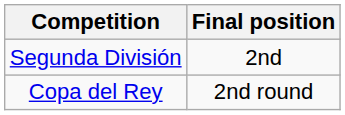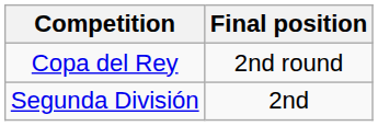 <table class="wikitable" style="font-size:100%; text-align:center">
 <tr>
 <th>Competition</th>
 <th>Final position</th>
 </tr>
 <tr style="background:">
+<td><a href='#'>Copa del Rey</a></td>
+<td>2nd round</td>
+</tr>
+<tr style="background:">
 <td><a href='#'>Segunda División</a></td>
 <td>2nd</td>
 </tr>
-<tr style="background:">
-<td><a href='#'>Copa del Rey</a></td>
-<td>2nd round</td>
-</tr>
 </table>
